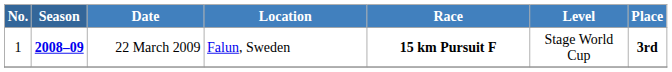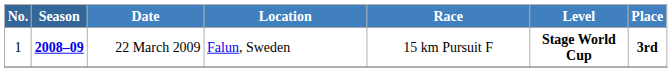 <table class="wikitable sortable" style="font-size:95%; text-align:center; border:grey solid 1px; border-collapse:collapse; background:#ffffff;">
 <tr style="background:#efefef;">
 <th style="background-color:#369; color:white;">No.</th>
 <th style="background-color:#369; color:white;">Season</th>
 <th style="background-color:#4180be; color:white; width:120px;">Date</th>
 <th style="background-color:#4180be; color:white; width:170px;">Location</th>
 <th style="background-color:#4180be; color:white; width:170px;">Race</th>
 <th style="background-color:#4180be; color:white; width:100px;">Level</th>
 <th style="background-color:#4180be; color:white;">Place</th>
 </tr>
 <tr>
 <td align=center>1</td>
 <td rowspan=1 align=center><strong><a href='#'>2008–09</a></strong></td>
 <td align=right>22 March 2009</td>
 <td align=left> <a href='#'>Falun</a>, Sweden</td>
-<td><strong>15 km Pursuit F</strong></td>
-<td>Stage World Cup</td>
+<td>15 km Pursuit F</td>
+<td><strong>Stage World Cup</strong></td>
 <td><strong>3rd</strong></td>
 </tr>
 <tr>
 </tr>
 </table>
